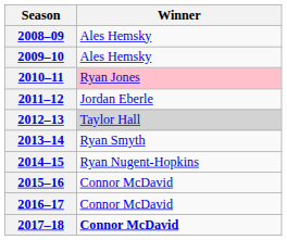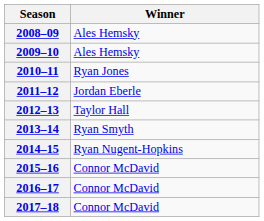 <table class="wikitable">
 <tr>
 <th scope="col" style="width:5em">Season</th>
 <th scope="col" style="width:15em">Winner</th>
 </tr>
 <tr>
 <th scope="row"><a href='#'>2008–09</a></th>
 <td><a href='#'>Ales Hemsky</a></td>
 </tr>
 <tr>
 <th scope="row"><a href='#'>2009–10</a></th>
 <td><a href='#'>Ales Hemsky</a></td>
 </tr>
 <tr>
 <th scope="row"><a href='#'>2010–11</a></th>
-<td style="background: pink;"><a href='#'>Ryan Jones</a></td>
+<td><a href='#'>Ryan Jones</a></td>
 </tr>
 <tr>
 <th scope="row"><a href='#'>2011–12</a></th>
 <td><a href='#'>Jordan Eberle</a></td>
 </tr>
 <tr>
 <th scope="row"><a href='#'>2012–13</a></th>
-<td style="background: lightgrey;"><a href='#'>Taylor Hall</a></td>
+<td><a href='#'>Taylor Hall</a></td>
 </tr>
 <tr>
 <th scope="row"><a href='#'>2013–14</a></th>
 <td><a href='#'>Ryan Smyth</a></td>
 </tr>
 <tr>
 <th scope="row"><a href='#'>2014–15</a></th>
 <td><a href='#'>Ryan Nugent-Hopkins</a></td>
 </tr>
 <tr>
 <th scope="row"><a href='#'>2015–16</a></th>
 <td><a href='#'>Connor McDavid</a></td>
 </tr>
 <tr>
 <th scope="row"><a href='#'>2016–17</a></th>
 <td><a href='#'>Connor McDavid</a></td>
 </tr>
 <tr>
 <th scope="row"><a href='#'>2017–18</a></th>
-<td><strong><a href='#'>Connor McDavid</a></strong></td>
+<td><a href='#'>Connor McDavid</a></td>
 </tr>
 </table>
